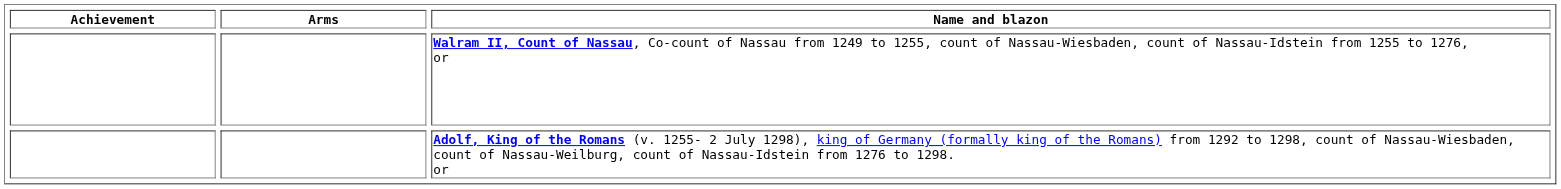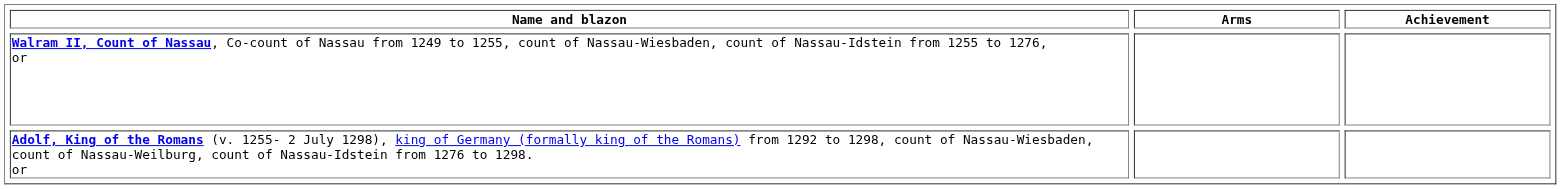 <table border=1 cellspacing=5 width="100%">
 <tr valign=top align=center>
+<td><strong>Name and blazon</strong></td>
+<td width="206"><strong>Arms</strong></td>
 <td width="206"><strong>Achievement</strong></td>
-<td width="206"><strong>Arms</strong></td>
-<td><strong>Name and blazon</strong></td>
 </tr>
 <tr valign=top>
+<td><strong><a href='#'>Walram II, Count of Nassau</a></strong>, Co-count of Nassau from 1249 to 1255, count of Nassau-Wiesbaden, count of Nassau-Idstein from 1255 to 1276,<br>or</td>
+<td align=center><br><br><br><br><br><br> </td>
 <td align=center><br> <br><br></td>
-<td align=center><br><br><br><br><br><br> </td>
-<td><strong><a href='#'>Walram II, Count of Nassau</a></strong>, Co-count of Nassau from 1249 to 1255, count of Nassau-Wiesbaden, count of Nassau-Idstein from 1255 to 1276,<br>or</td>
 </tr>
 <tr valign=top>
+<td><strong><a href='#'>Adolf, King of the Romans</a></strong> (v. 1255- 2 July 1298), <a href='#'>king of Germany (formally king of the Romans)</a> from 1292 to 1298, count of Nassau-Wiesbaden, count of Nassau-Weilburg, count of Nassau-Idstein from 1276 to 1298.<br>or</td>
+<td align=center><br><br><br></td>
 <td align=center></td>
-<td align=center><br><br><br></td>
-<td><strong><a href='#'>Adolf, King of the Romans</a></strong> (v. 1255- 2 July 1298), <a href='#'>king of Germany (formally king of the Romans)</a> from 1292 to 1298, count of Nassau-Wiesbaden, count of Nassau-Weilburg, count of Nassau-Idstein from 1276 to 1298.<br>or</td>
 </tr>
 </table>
